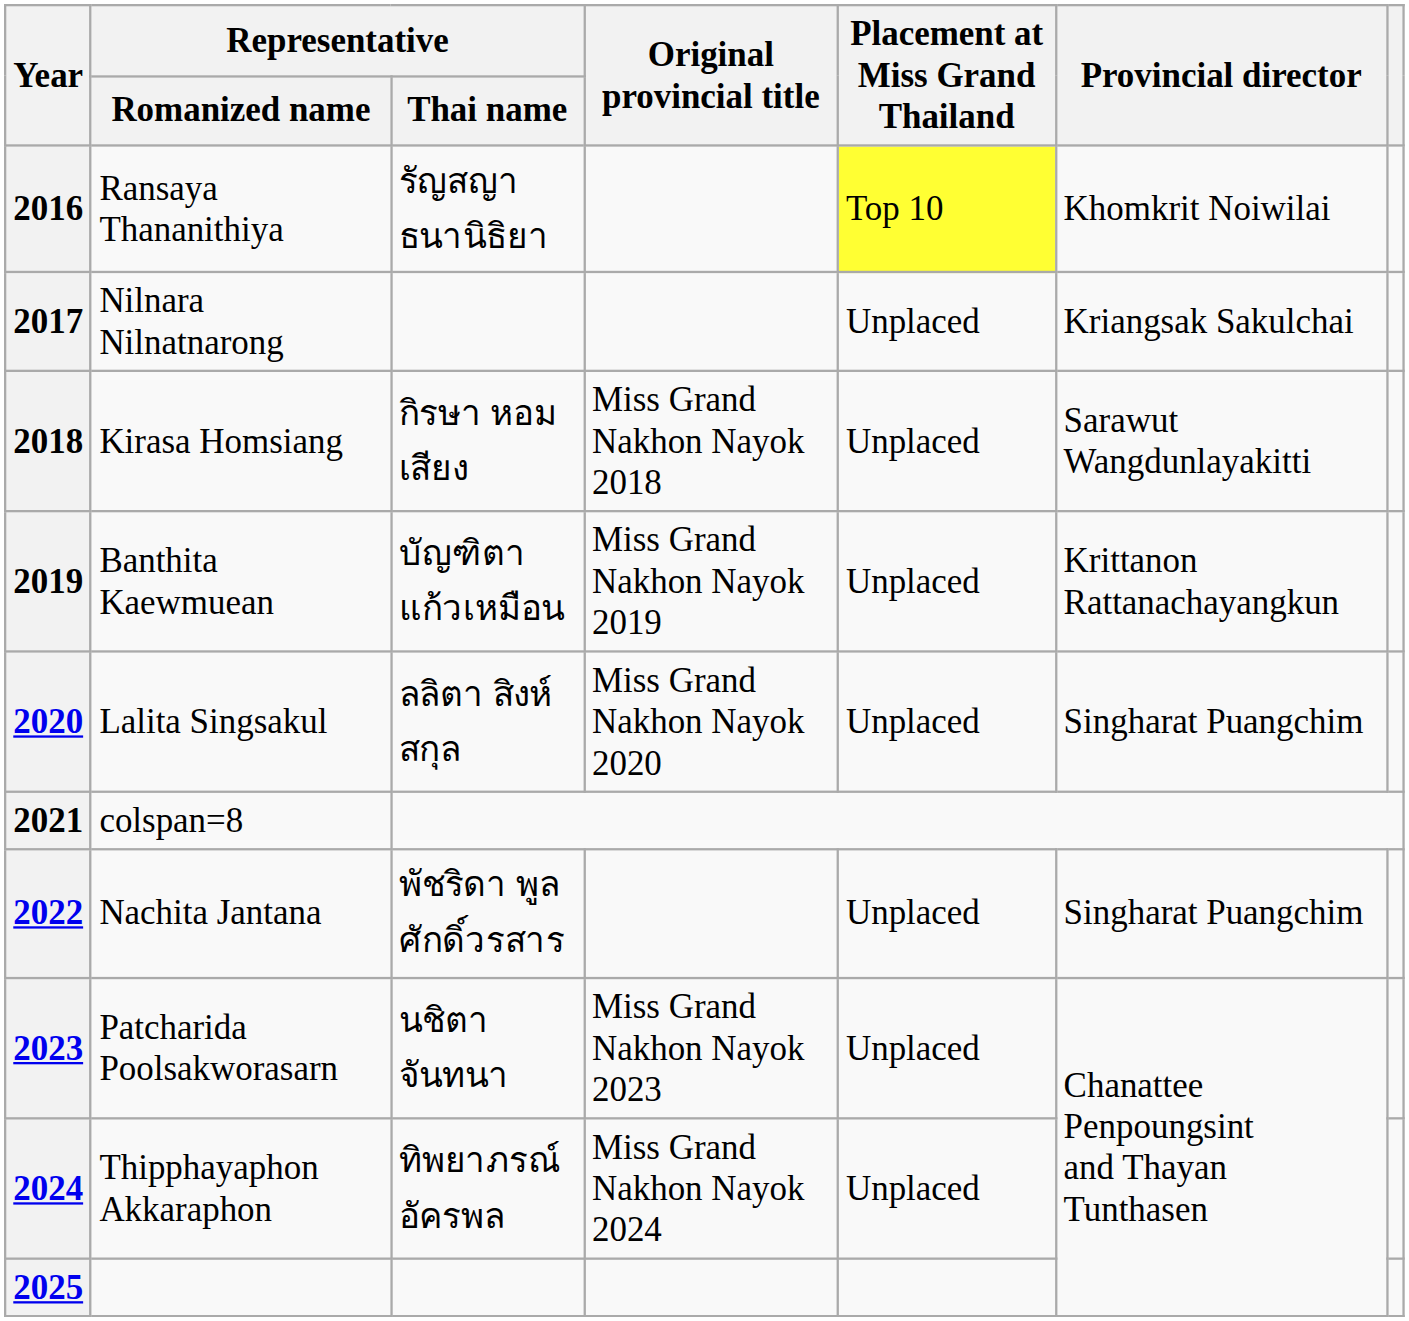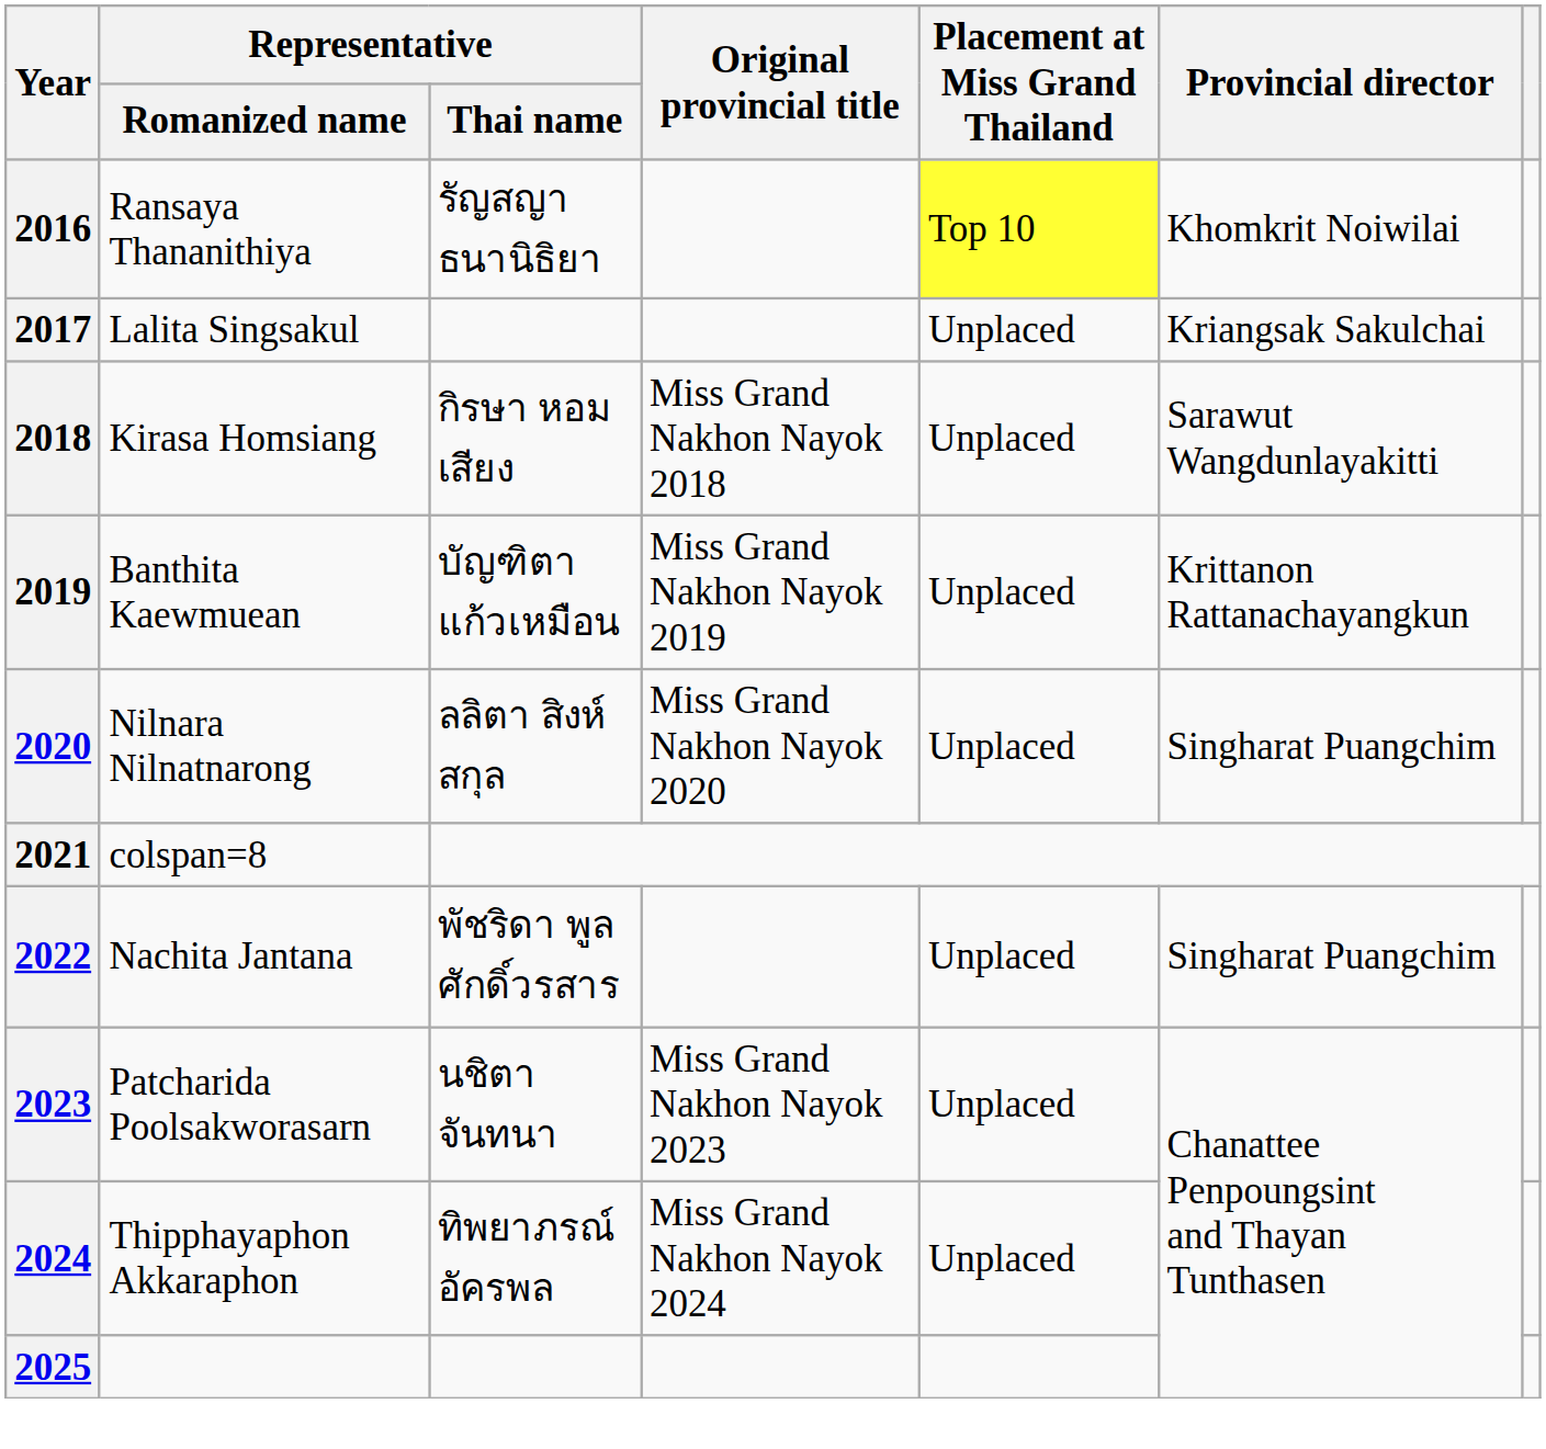 <table class="wikitable defaultcenter col2left col3left col6left" style="font-size:95%;">
 <tr>
 <th rowspan=2>Year</th>
 <th colspan=2>Representative</th>
 <th rowspan=2>Original provincial title</th>
 <th rowspan=2>Placement at<br>Miss Grand Thailand</th>
 <th rowspan=2>Provincial director</th>
 <th rowspan=2></th>
 </tr>
 <tr>
 <th>Romanized name</th>
 <th>Thai name</th>
 </tr>
 <tr>
 <th>2016</th>
 <td>Ransaya Thananithiya</td>
 <td>รัญสญา ธนานิธิยา</td>
 <td></td>
 <td bgcolor=#FFFF33>Top 10</td>
 <td>Khomkrit Noiwilai</td>
 <td></td>
 </tr>
 <tr>
 <th>2017</th>
-<td>Nilnara Nilnatnarong</td>
+<td>Lalita Singsakul</td>
 <td></td>
 <td></td>
 <td>Unplaced</td>
 <td>Kriangsak Sakulchai</td>
 <td></td>
 </tr>
 <tr>
 <th>2018</th>
 <td>Kirasa Homsiang</td>
 <td>กิรษา หอมเสียง</td>
 <td>Miss Grand Nakhon Nayok 2018</td>
 <td>Unplaced</td>
 <td>Sarawut Wangdunlayakitti</td>
 <td></td>
 </tr>
 <tr>
 <th>2019</th>
 <td>Banthita Kaewmuean</td>
 <td>บัญฑิตา แก้วเหมือน</td>
 <td>Miss Grand Nakhon Nayok 2019</td>
 <td>Unplaced</td>
 <td>Krittanon Rattanachayangkun</td>
 <td></td>
 </tr>
 <tr>
 <th><a href='#'>2020</a></th>
-<td>Lalita Singsakul</td>
+<td>Nilnara Nilnatnarong</td>
 <td>ลลิตา สิงห์สกุล</td>
 <td>Miss Grand Nakhon Nayok 2020</td>
 <td>Unplaced</td>
 <td>Singharat Puangchim</td>
 <td></td>
 </tr>
 <tr>
 <th>2021</th>
 <td>colspan=8 </td>
 </tr>
 <tr>
 <th><a href='#'>2022</a></th>
 <td>Nachita Jantana</td>
 <td>พัชริดา พูลศักดิ์วรสาร</td>
 <td></td>
 <td>Unplaced</td>
 <td>Singharat Puangchim</td>
 <td></td>
 </tr>
 <tr>
 <th><a href='#'>2023</a></th>
 <td>Patcharida Poolsakworasarn</td>
 <td>นชิตา จันทนา</td>
 <td>Miss Grand Nakhon Nayok 2023</td>
 <td>Unplaced</td>
 <td rowspan=3>Chanattee Penpoungsint<br> and Thayan Tunthasen</td>
 <td></td>
 </tr>
 <tr>
 <th><a href='#'>2024</a></th>
 <td>Thipphayaphon Akkaraphon</td>
 <td>ทิพยาภรณ์ อัครพล</td>
 <td>Miss Grand Nakhon Nayok 2024</td>
 <td>Unplaced</td>
 <td></td>
 </tr>
 <tr>
 <th><a href='#'>2025</a></th>
 <td></td>
 <td></td>
 <td></td>
 <td></td>
 </tr>
 </table>
